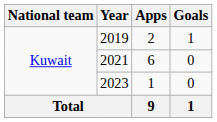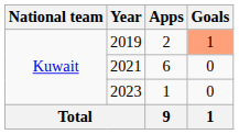 <table class="wikitable" style="text-align:center">
 <tr>
 <th>National team</th>
 <th>Year</th>
 <th>Apps</th>
 <th>Goals</th>
 </tr>
 <tr>
 <td rowspan="3"><a href='#'>Kuwait</a></td>
 <td>2019</td>
 <td>2</td>
-<td>1</td>
+<td style="background: lightsalmon;">1</td>
 </tr>
 <tr>
 <td>2021</td>
 <td>6</td>
 <td>0</td>
 </tr>
 <tr>
 <td>2023</td>
 <td>1</td>
 <td>0</td>
 </tr>
 <tr>
 <th colspan=2>Total</th>
 <th>9</th>
 <th>1</th>
 </tr>
 </table>
